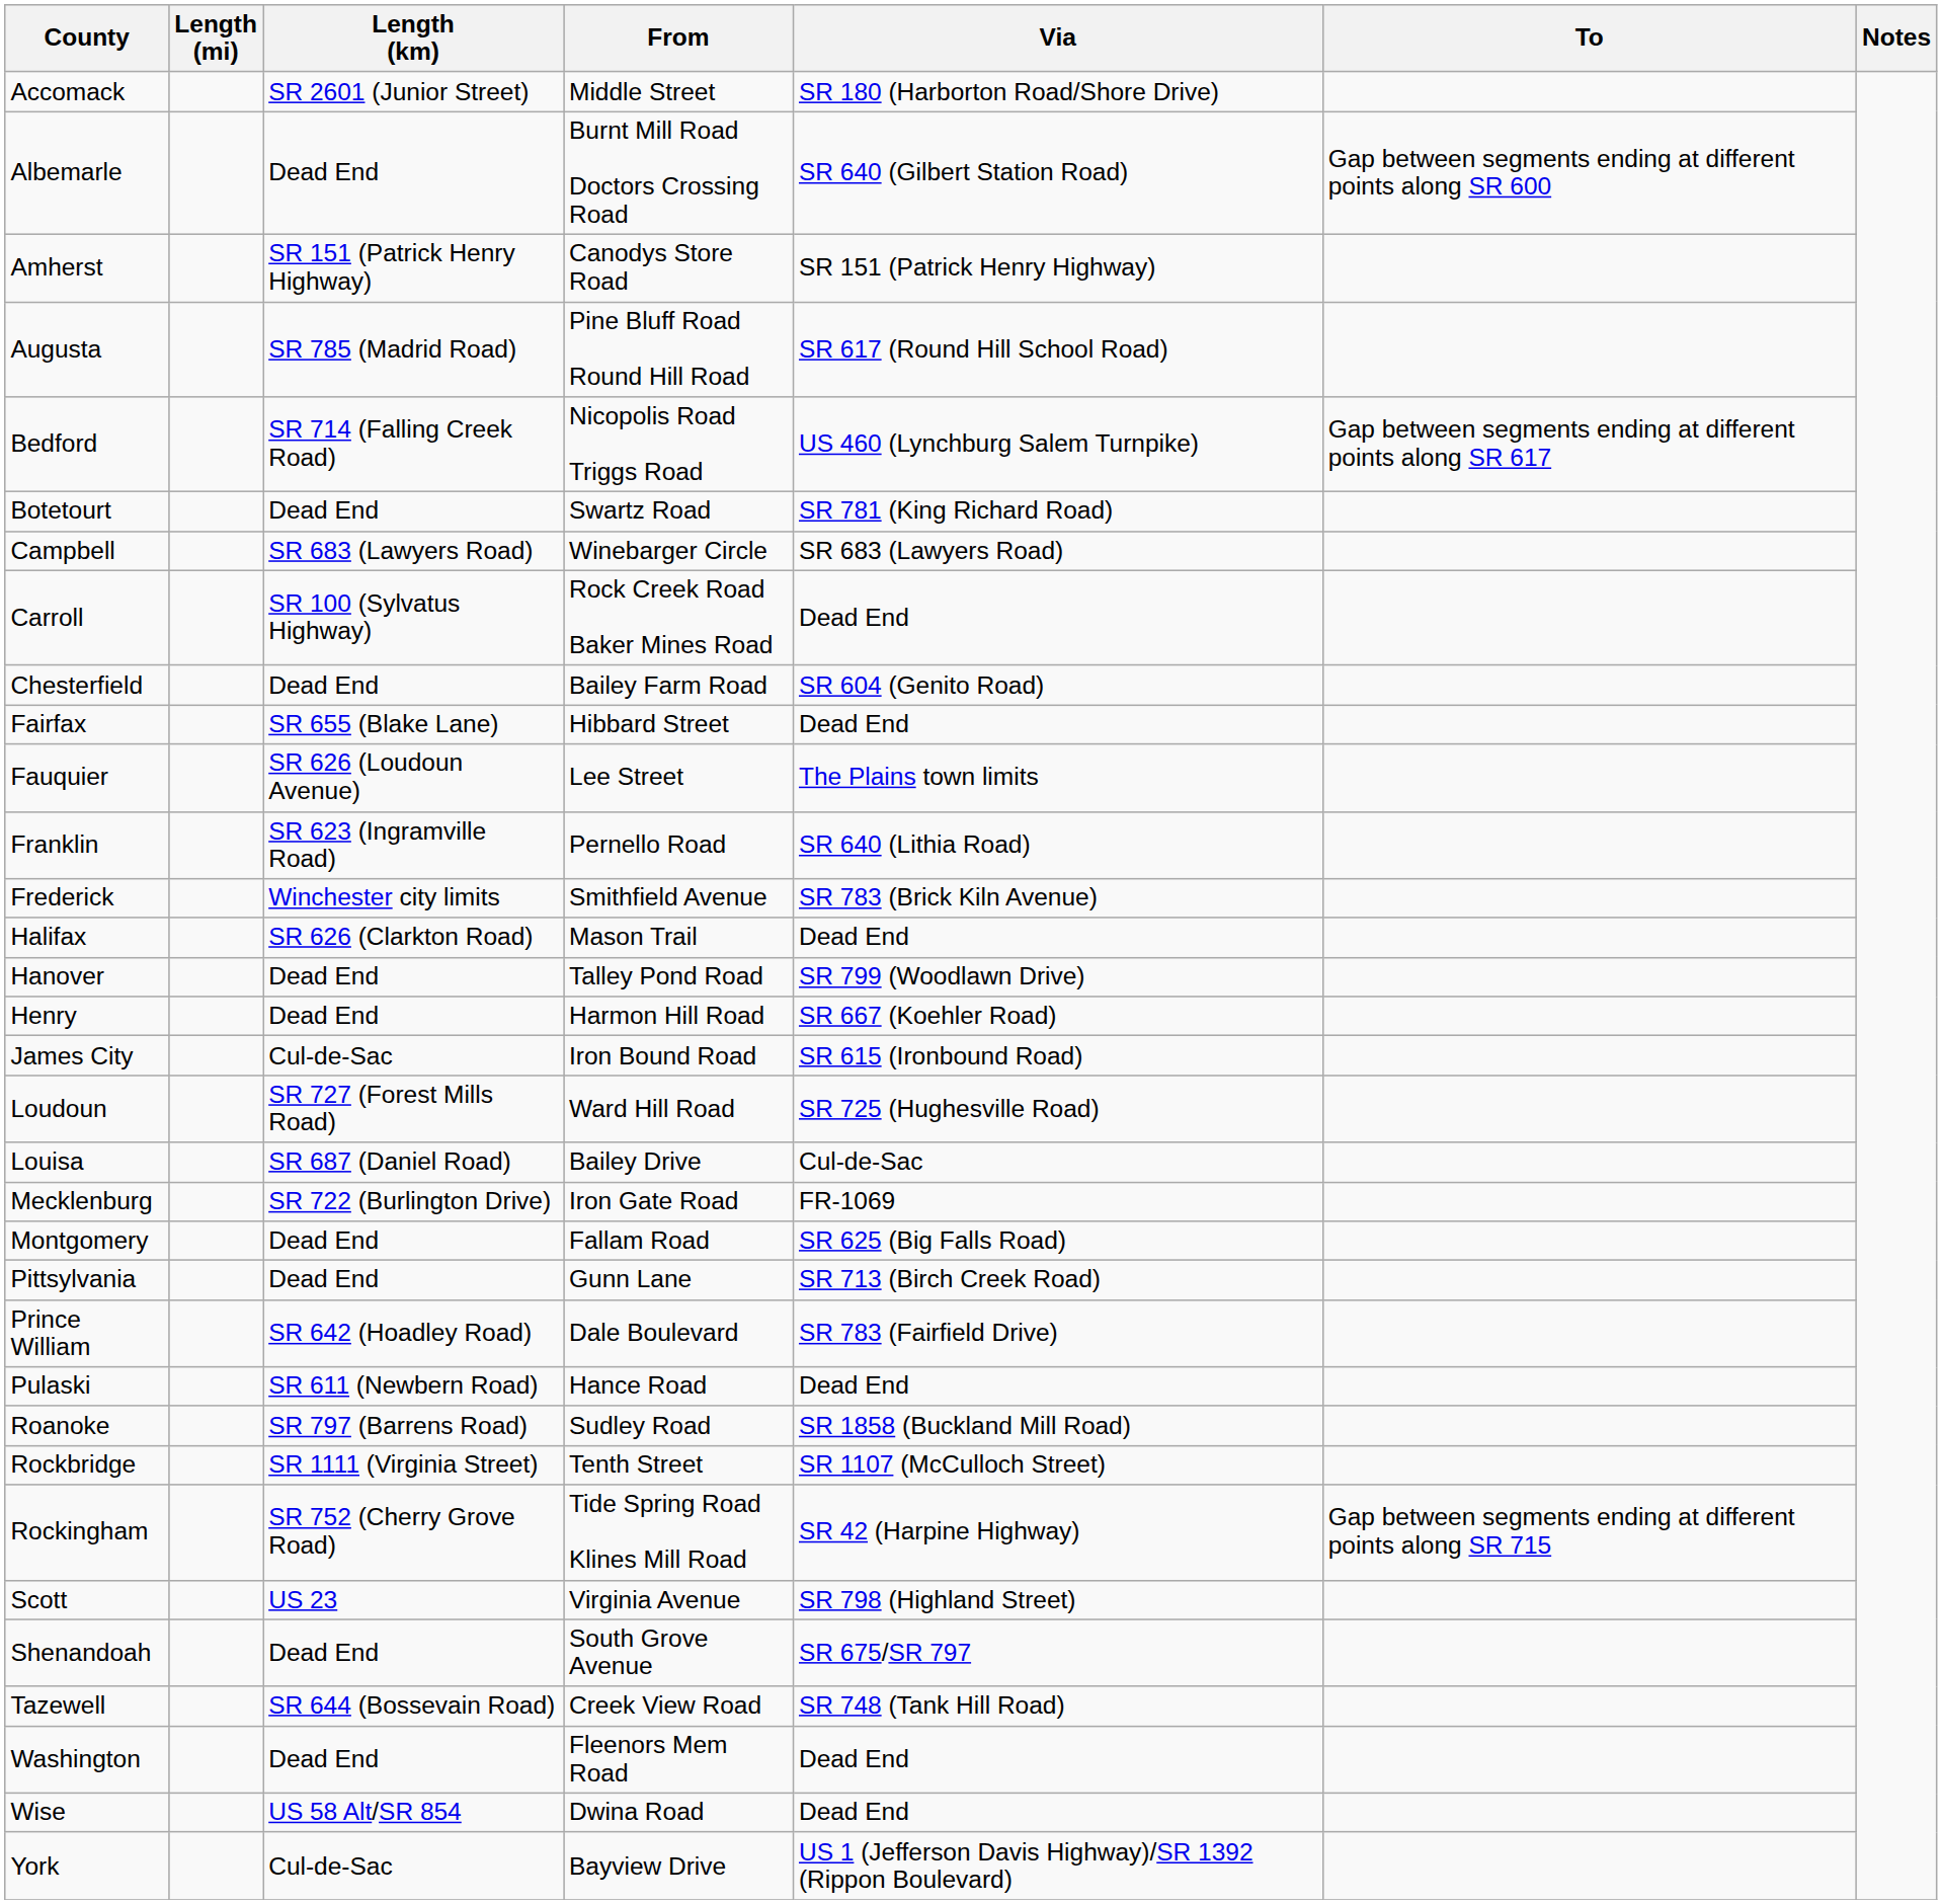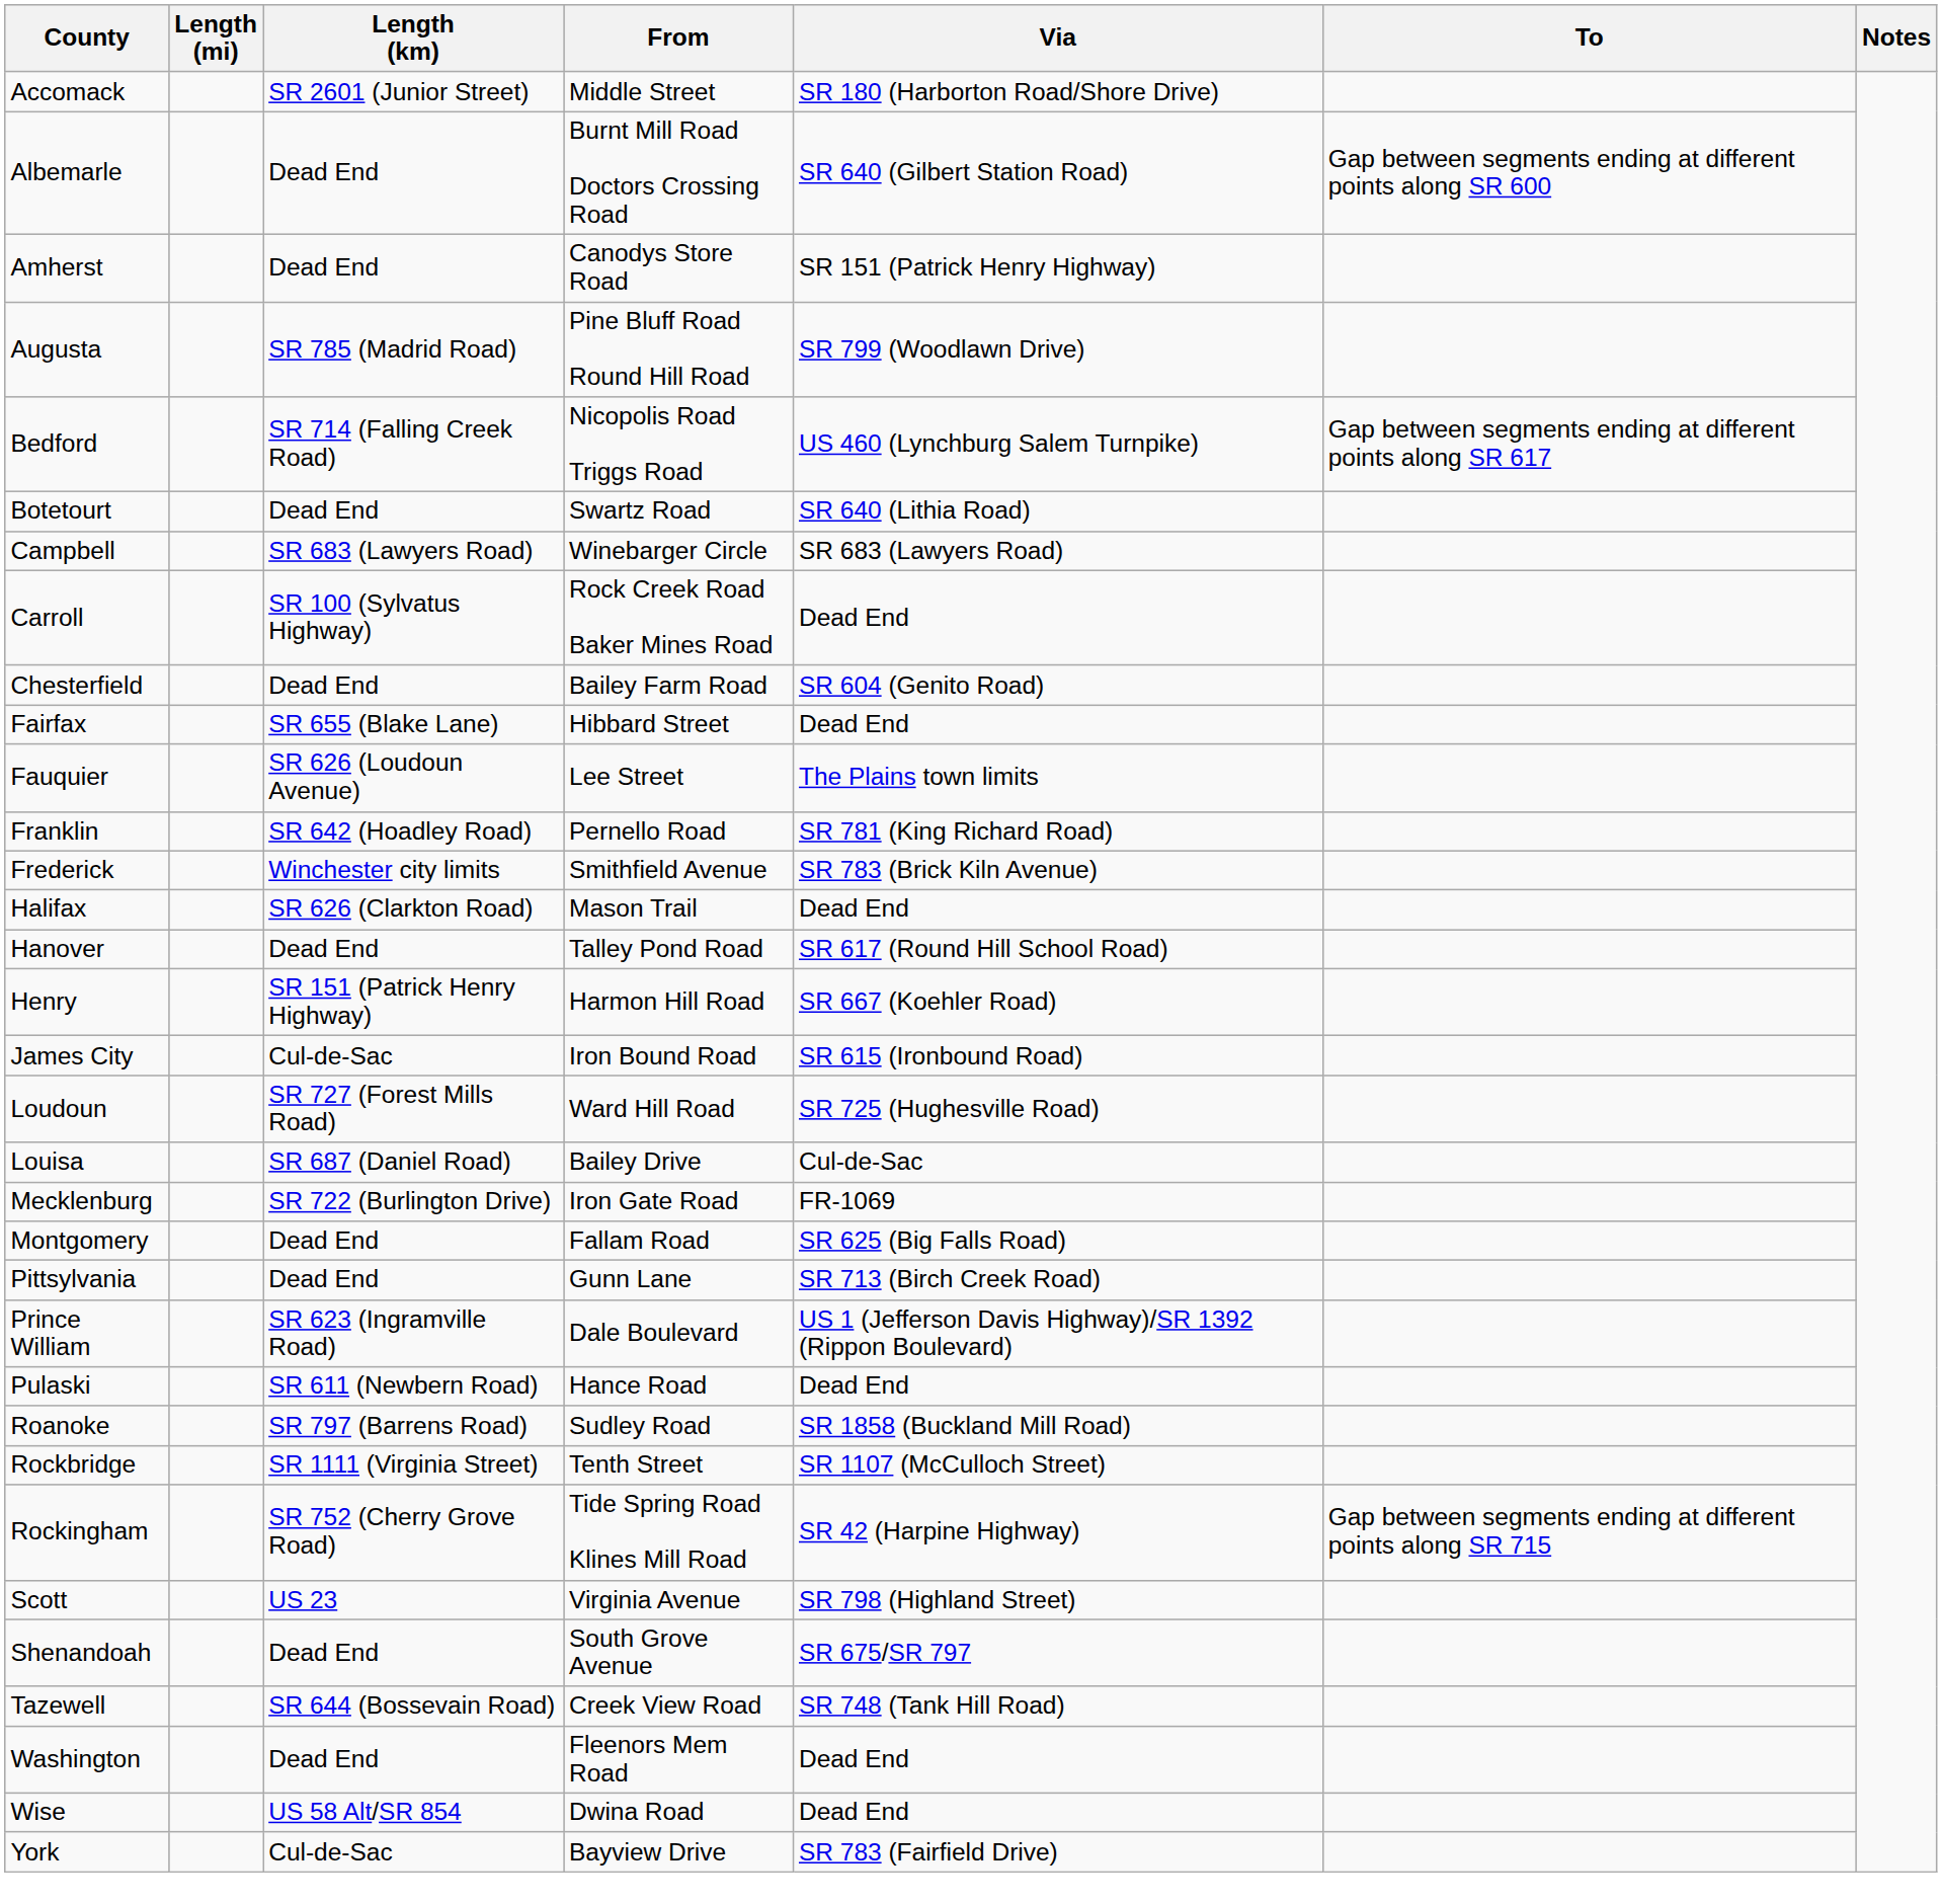 <table class="wikitable sortable">
 <tr>
 <th>County</th>
 <th>Length<br>(mi)</th>
 <th>Length<br>(km)</th>
 <th class="unsortable">From</th>
 <th class="unsortable">Via</th>
 <th class="unsortable">To</th>
 <th class="unsortable">Notes</th>
 </tr>
 <tr>
 <td id="Accomack">Accomack</td>
 <td></td>
 <td><a href='#'>SR 2601</a> (Junior Street)</td>
 <td>Middle Street</td>
 <td><a href='#'>SR 180</a> (Harborton Road/Shore Drive)</td>
 <td></td>
 </tr>
 <tr>
 <td id="Albemarle">Albemarle</td>
 <td></td>
 <td>Dead End</td>
 <td>Burnt Mill Road<br><br>Doctors Crossing Road</td>
 <td><a href='#'>SR 640</a> (Gilbert Station Road)</td>
 <td>Gap between segments ending at different points along <a href='#'>SR 600</a><br> </td>
 </tr>
 <tr>
 <td id="Amherst">Amherst</td>
 <td></td>
-<td><a href='#'>SR 151</a> (Patrick Henry Highway)</td>
+<td>Dead End</td>
 <td>Canodys Store Road</td>
 <td>SR 151 (Patrick Henry Highway)</td>
 <td><br> </td>
 </tr>
 <tr>
 <td id="Augusta">Augusta</td>
 <td></td>
 <td><a href='#'>SR 785</a> (Madrid Road)</td>
 <td>Pine Bluff Road<br><br>Round Hill Road</td>
-<td><a href='#'>SR 617</a> (Round Hill School Road)</td>
+<td><a href='#'>SR 799</a> (Woodlawn Drive)</td>
 <td><br></td>
 </tr>
 <tr>
 <td id="Bedford">Bedford</td>
 <td></td>
 <td><a href='#'>SR 714</a> (Falling Creek Road)</td>
 <td>Nicopolis Road<br><br>Triggs Road</td>
 <td><a href='#'>US 460</a> (Lynchburg Salem Turnpike)</td>
 <td>Gap between segments ending at different points along <a href='#'>SR 617</a><br></td>
 </tr>
 <tr>
 <td id="Botetourt">Botetourt</td>
 <td></td>
 <td>Dead End</td>
 <td>Swartz Road</td>
-<td><a href='#'>SR 781</a> (King Richard Road)</td>
+<td><a href='#'>SR 640</a> (Lithia Road)</td>
 <td><br>  </td>
 </tr>
 <tr>
 <td id="Campbell">Campbell</td>
 <td></td>
 <td><a href='#'>SR 683</a> (Lawyers Road)</td>
 <td>Winebarger Circle</td>
 <td>SR 683 (Lawyers Road)</td>
 <td><br></td>
 </tr>
 <tr>
 <td id="Carroll">Carroll</td>
 <td></td>
 <td><a href='#'>SR 100</a> (Sylvatus Highway)</td>
 <td>Rock Creek Road<br><br>Baker Mines Road</td>
 <td>Dead End</td>
 <td><br> </td>
 </tr>
 <tr>
 <td id="Chesterfield">Chesterfield</td>
 <td></td>
 <td>Dead End</td>
 <td>Bailey Farm Road</td>
 <td><a href='#'>SR 604</a> (Genito Road)</td>
 <td><br>      </td>
 </tr>
 <tr>
 <td id="Fairfax">Fairfax</td>
 <td></td>
 <td><a href='#'>SR 655</a> (Blake Lane)</td>
 <td>Hibbard Street</td>
 <td>Dead End</td>
 <td></td>
 </tr>
 <tr>
 <td id="Fauquier">Fauquier</td>
 <td></td>
 <td><a href='#'>SR 626</a> (Loudoun Avenue)</td>
 <td>Lee Street</td>
 <td><a href='#'>The Plains</a> town limits</td>
 <td><br> </td>
 </tr>
 <tr>
 <td id="Franklin">Franklin</td>
 <td></td>
-<td><a href='#'>SR 623</a> (Ingramville Road)</td>
+<td><a href='#'>SR 642</a> (Hoadley Road)</td>
 <td>Pernello Road</td>
-<td><a href='#'>SR 640</a> (Lithia Road)</td>
+<td><a href='#'>SR 781</a> (King Richard Road)</td>
 <td></td>
 </tr>
 <tr>
 <td id="Frederick">Frederick</td>
 <td></td>
 <td><a href='#'>Winchester</a> city limits</td>
 <td>Smithfield Avenue</td>
 <td><a href='#'>SR 783</a> (Brick Kiln Avenue)</td>
 <td><br>     </td>
 </tr>
 <tr>
 <td id="Halifax">Halifax</td>
 <td></td>
 <td><a href='#'>SR 626</a> (Clarkton Road)</td>
 <td>Mason Trail</td>
 <td>Dead End</td>
 <td></td>
 </tr>
 <tr>
 <td id="Hanover">Hanover</td>
 <td></td>
 <td>Dead End</td>
 <td>Talley Pond Road</td>
-<td><a href='#'>SR 799</a> (Woodlawn Drive)</td>
+<td><a href='#'>SR 617</a> (Round Hill School Road)</td>
 <td><br></td>
 </tr>
 <tr>
 <td id="Henry">Henry</td>
 <td></td>
-<td>Dead End</td>
+<td><a href='#'>SR 151</a> (Patrick Henry Highway)</td>
 <td>Harmon Hill Road</td>
 <td><a href='#'>SR 667</a> (Koehler Road)</td>
 <td><br> </td>
 </tr>
 <tr>
 <td id="James City">James City</td>
 <td></td>
 <td>Cul-de-Sac</td>
 <td>Iron Bound Road</td>
 <td><a href='#'>SR 615</a> (Ironbound Road)</td>
 <td><br>    </td>
 </tr>
 <tr>
 <td id="Loudoun">Loudoun</td>
 <td></td>
 <td><a href='#'>SR 727</a> (Forest Mills Road)</td>
 <td>Ward Hill Road</td>
 <td><a href='#'>SR 725</a> (Hughesville Road)</td>
 <td></td>
 </tr>
 <tr>
 <td id="Louisa">Louisa</td>
 <td></td>
 <td><a href='#'>SR 687</a> (Daniel Road)</td>
 <td>Bailey Drive</td>
 <td>Cul-de-Sac</td>
 <td><br>  </td>
 </tr>
 <tr>
 <td id="Mecklenburg">Mecklenburg</td>
 <td></td>
 <td><a href='#'>SR 722</a> (Burlington Drive)</td>
 <td>Iron Gate Road</td>
 <td>FR-1069</td>
 <td><br></td>
 </tr>
 <tr>
 <td id="Montgomery">Montgomery</td>
 <td></td>
 <td>Dead End</td>
 <td>Fallam Road</td>
 <td><a href='#'>SR 625</a> (Big Falls Road)</td>
 <td><br>       </td>
 </tr>
 <tr>
 <td id="Pittsylvania">Pittsylvania</td>
 <td></td>
 <td>Dead End</td>
 <td>Gunn Lane</td>
 <td><a href='#'>SR 713</a> (Birch Creek Road)</td>
 <td><br>  </td>
 </tr>
 <tr>
 <td id="Prince William">Prince William</td>
 <td></td>
-<td><a href='#'>SR 642</a> (Hoadley Road)</td>
+<td><a href='#'>SR 623</a> (Ingramville Road)</td>
 <td>Dale Boulevard</td>
-<td><a href='#'>SR 783</a> (Fairfield Drive)</td>
+<td><a href='#'>US 1</a> (Jefferson Davis Highway)/<a href='#'>SR 1392</a> (Rippon Boulevard)</td>
 <td></td>
 </tr>
 <tr>
 <td id="Pulaski">Pulaski</td>
 <td></td>
 <td><a href='#'>SR 611</a> (Newbern Road)</td>
 <td>Hance Road</td>
 <td>Dead End</td>
 <td><br> </td>
 </tr>
 <tr>
 <td id="Roanoke">Roanoke</td>
 <td></td>
 <td><a href='#'>SR 797</a> (Barrens Road)</td>
 <td>Sudley Road</td>
 <td><a href='#'>SR 1858</a> (Buckland Mill Road)</td>
 <td></td>
 </tr>
 <tr>
 <td id="Rockbridge">Rockbridge</td>
 <td></td>
 <td><a href='#'>SR 1111</a> (Virginia Street)</td>
 <td>Tenth Street</td>
 <td><a href='#'>SR 1107</a> (McCulloch Street)</td>
 <td></td>
 </tr>
 <tr>
 <td id="Rockingham">Rockingham</td>
 <td></td>
 <td><a href='#'>SR 752</a> (Cherry Grove Road)</td>
 <td>Tide Spring Road<br><br>Klines Mill Road</td>
 <td><a href='#'>SR 42</a> (Harpine Highway)</td>
 <td>Gap between segments ending at different points along <a href='#'>SR 715</a><br></td>
 </tr>
 <tr>
 <td id="Scott">Scott</td>
 <td></td>
 <td><a href='#'>US 23</a></td>
 <td>Virginia Avenue</td>
 <td><a href='#'>SR 798</a> (Highland Street)</td>
 <td></td>
 </tr>
 <tr>
 <td id="Shenandoah">Shenandoah</td>
 <td></td>
 <td>Dead End</td>
 <td>South Grove Avenue</td>
 <td><a href='#'>SR 675</a>/<a href='#'>SR 797</a></td>
 <td><br>     </td>
 </tr>
 <tr>
 <td id="Tazewell">Tazewell</td>
 <td></td>
 <td><a href='#'>SR 644</a> (Bossevain Road)</td>
 <td>Creek View Road</td>
 <td><a href='#'>SR 748</a> (Tank Hill Road)</td>
 <td><br></td>
 </tr>
 <tr>
 <td id="Washington">Washington</td>
 <td></td>
 <td>Dead End</td>
 <td>Fleenors Mem Road</td>
 <td>Dead End</td>
 <td><br></td>
 </tr>
 <tr>
 <td id="Wise">Wise</td>
 <td></td>
 <td><a href='#'>US 58 Alt</a>/<a href='#'>SR 854</a></td>
 <td>Dwina Road</td>
 <td>Dead End</td>
 <td><br></td>
 </tr>
 <tr>
 <td id="York">York</td>
 <td></td>
 <td>Cul-de-Sac</td>
 <td>Bayview Drive</td>
-<td><a href='#'>US 1</a> (Jefferson Davis Highway)/<a href='#'>SR 1392</a> (Rippon Boulevard)</td>
+<td><a href='#'>SR 783</a> (Fairfield Drive)</td>
 <td></td>
 </tr>
 </table>
